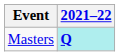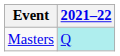 <table class="wikitable" border="1">
 <tr>
 <th>Event</th>
 <th><a href='#'>2021–22</a></th>
 </tr>
 <tr>
 <td><a href='#'>Masters</a></td>
-<td style="background:#afeeee;"><strong><a href='#'>Q</a></strong></td>
+<td style="background:#afeeee;"><a href='#'>Q</a></td>
 </tr>
 </table>
